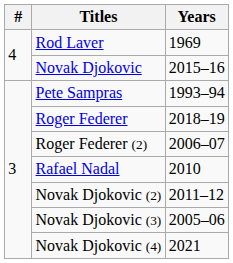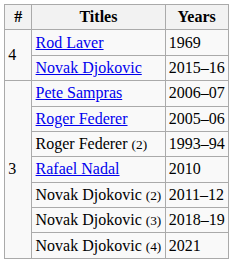 <table class="wikitable" style="display:inline-table;">
 <tr>
 <th width=20>#</th>
 <th>Titles</th>
 <th>Years</th>
 </tr>
 <tr>
 <td rowspan="2">4</td>
 <td> <a href='#'>Rod Laver</a></td>
 <td>1969</td>
 </tr>
 <tr>
 <td> <a href='#'>Novak Djokovic</a></td>
 <td>2015–16</td>
 </tr>
 <tr>
 <td rowspan="7">3</td>
 <td> <a href='#'>Pete Sampras</a></td>
-<td>1993–94</td>
+<td>2006–07</td>
 </tr>
 <tr>
 <td> <a href='#'>Roger Federer</a></td>
-<td>2018–19</td>
+<td>2005–06</td>
 </tr>
 <tr>
 <td> Roger Federer <small>(2)</small></td>
-<td>2006–07</td>
+<td>1993–94</td>
 </tr>
 <tr>
 <td> <a href='#'>Rafael Nadal</a></td>
 <td>2010</td>
 </tr>
 <tr>
 <td> Novak Djokovic <small>(2)</small></td>
 <td>2011–12</td>
 </tr>
 <tr>
 <td> Novak Djokovic <small>(3)</small></td>
-<td>2005–06</td>
+<td>2018–19</td>
 </tr>
 <tr>
 <td> Novak Djokovic <small>(4)</small></td>
 <td>2021</td>
 </tr>
 <tr>
 </tr>
 </table>
